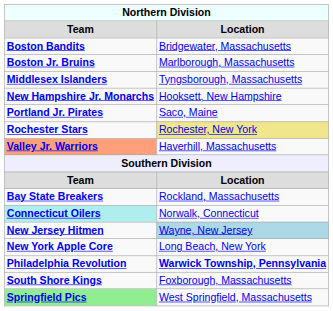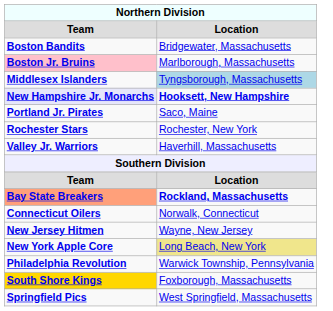 <table class="wikitable">
 <tr align="center"  bgcolor="#eeffff">
 <td colspan="11"><strong>Northern Division</strong></td>
 </tr>
 <tr align="center"  bgcolor="#dddddd">
 <td><strong>Team</strong></td>
 <td><strong>Location</strong></td>
 </tr>
 <tr align="left">
 <td><strong><a href='#'>Boston Bandits</a></strong></td>
 <td><a href='#'>Bridgewater, Massachusetts</a></td>
 </tr>
 <tr align="left">
-<td><strong><a href='#'>Boston Jr. Bruins</a></strong></td>
+<td style="background: pink;"><strong><a href='#'>Boston Jr. Bruins</a></strong></td>
 <td><a href='#'>Marlborough, Massachusetts</a></td>
 </tr>
 <tr align="left">
 <td><strong><a href='#'>Middlesex Islanders</a></strong></td>
-<td><a href='#'>Tyngsborough, Massachusetts</a></td>
+<td style="background: lightblue;"><a href='#'>Tyngsborough, Massachusetts</a></td>
 </tr>
 <tr align="left">
-<td><strong><a href='#'>New Hampshire Jr. Monarchs</a></strong></td>
-<td><a href='#'>Hooksett, New Hampshire</a></td>
+<td style="background: lavender;"><strong><a href='#'>New Hampshire Jr. Monarchs</a></strong></td>
+<td><strong><a href='#'>Hooksett, New Hampshire</a></strong></td>
 </tr>
 <tr align="left">
 <td><strong><a href='#'>Portland Jr. Pirates</a></strong></td>
 <td><a href='#'>Saco, Maine</a></td>
 </tr>
 <tr align="left">
 <td><strong><a href='#'>Rochester Stars</a></strong></td>
-<td style="background: khaki;"><a href='#'>Rochester, New York</a></td>
+<td><a href='#'>Rochester, New York</a></td>
 </tr>
 <tr align="left">
-<td style="background: lightsalmon;"><strong><a href='#'>Valley Jr. Warriors</a></strong></td>
+<td><strong><a href='#'>Valley Jr. Warriors</a></strong></td>
 <td><a href='#'>Haverhill, Massachusetts</a></td>
 </tr>
 <tr align="center"  bgcolor="#eeeeff">
 <td colspan="11"><strong>Southern Division</strong></td>
 </tr>
 <tr align="center"  bgcolor="#dddddd">
 <td><strong>Team</strong></td>
 <td><strong>Location</strong></td>
 </tr>
 <tr align="left">
-<td><strong><a href='#'>Bay State Breakers</a></strong></td>
-<td><a href='#'>Rockland, Massachusetts</a></td>
+<td style="background: lightsalmon;"><strong><a href='#'>Bay State Breakers</a></strong></td>
+<td><strong><a href='#'>Rockland, Massachusetts</a></strong></td>
 </tr>
 <tr align="left">
-<td style="background: paleturquoise;"><strong><a href='#'>Connecticut Oilers</a></strong></td>
+<td><strong><a href='#'>Connecticut Oilers</a></strong></td>
 <td><a href='#'>Norwalk, Connecticut</a></td>
 </tr>
 <tr align="left">
 <td><strong><a href='#'>New Jersey Hitmen</a></strong></td>
-<td style="background: lightblue;"><a href='#'>Wayne, New Jersey</a></td>
+<td><a href='#'>Wayne, New Jersey</a></td>
 </tr>
 <tr align="left">
 <td><strong><a href='#'>New York Apple Core</a></strong></td>
-<td><a href='#'>Long Beach, New York</a></td>
+<td style="background: khaki;"><a href='#'>Long Beach, New York</a></td>
 </tr>
 <tr align="left">
 <td><strong><a href='#'>Philadelphia Revolution</a></strong></td>
-<td><strong><a href='#'>Warwick Township, Pennsylvania</a></strong></td>
+<td><a href='#'>Warwick Township, Pennsylvania</a></td>
 </tr>
 <tr align="left">
-<td><strong><a href='#'>South Shore Kings</a></strong></td>
+<td style="background: gold;"><strong><a href='#'>South Shore Kings</a></strong></td>
 <td><a href='#'>Foxborough, Massachusetts</a></td>
 </tr>
 <tr align="left">
-<td style="background: lightgreen;"><strong><a href='#'>Springfield Pics</a></strong></td>
+<td><strong><a href='#'>Springfield Pics</a></strong></td>
 <td><a href='#'>West Springfield, Massachusetts</a></td>
 </tr>
 </table>
